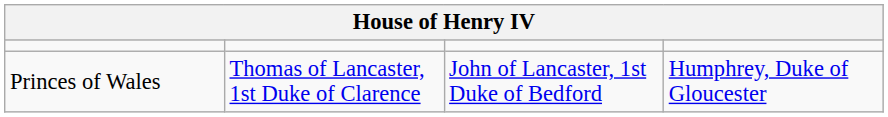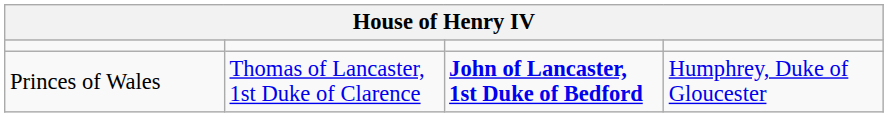 <table class="wikitable" width="100%">
 <tr>
 <th align=center colspan=4>House of Henry IV</th>
 </tr>
 <tr>
 <td align=center width="25%"></td>
 <td align=center width="25%"></td>
 <td align=center width="25%"></td>
 <td align=center width="25%"></td>
 </tr>
 <tr>
 <td>Princes of Wales</td>
 <td><a href='#'>Thomas of Lancaster, 1st Duke of Clarence</a></td>
-<td><a href='#'>John of Lancaster, 1st Duke of Bedford</a></td>
+<td><strong><a href='#'>John of Lancaster, 1st Duke of Bedford</a></strong></td>
 <td><a href='#'>Humphrey, Duke of Gloucester</a></td>
 </tr>
 </table>
